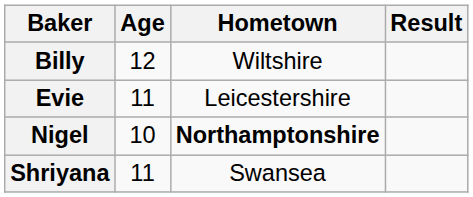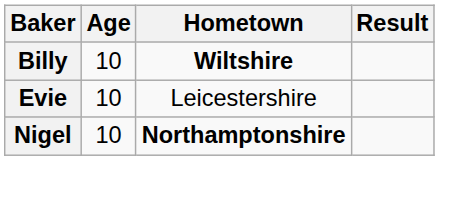 <table class="wikitable sortable" style="display:inline-table; text-align:center">
 <tr>
 <th scope="col">Baker</th>
 <th scope="col">Age</th>
 <th scope="col">Hometown</th>
 <th scope="col">Result</th>
 </tr>
 <tr>
 <th scope="row">Billy</th>
-<td>12</td>
-<td>Wiltshire</td>
+<td>10</td>
+<td><strong>Wiltshire</strong></td>
 <td></td>
 </tr>
 <tr>
 <th scope="row">Evie</th>
-<td>11</td>
+<td>10</td>
 <td>Leicestershire</td>
 <td></td>
 </tr>
 <tr>
 <th scope="row">Nigel</th>
 <td>10</td>
 <td><strong>Northamptonshire</strong></td>
 <td></td>
 </tr>
-<tr>
-<th scope="row">Shriyana</th>
-<td>11</td>
-<td>Swansea</td>
-<td></td>
-</tr>
 </table>
